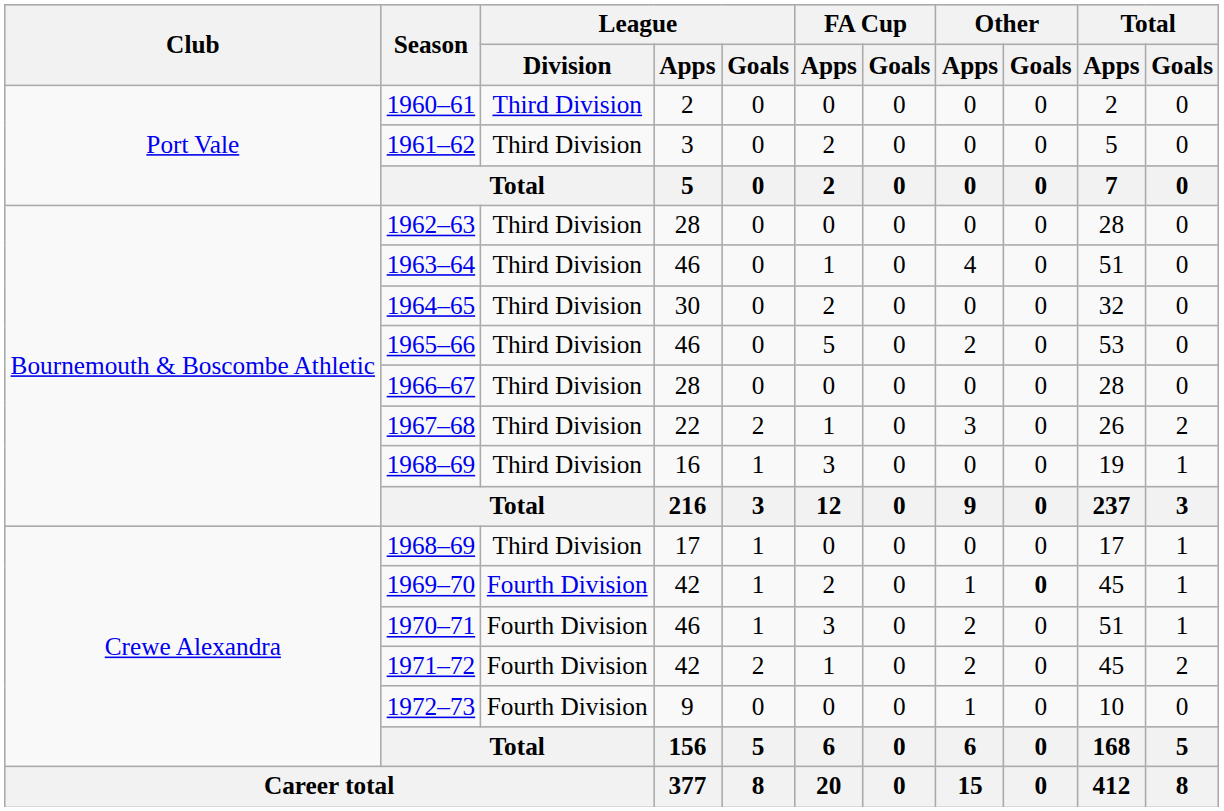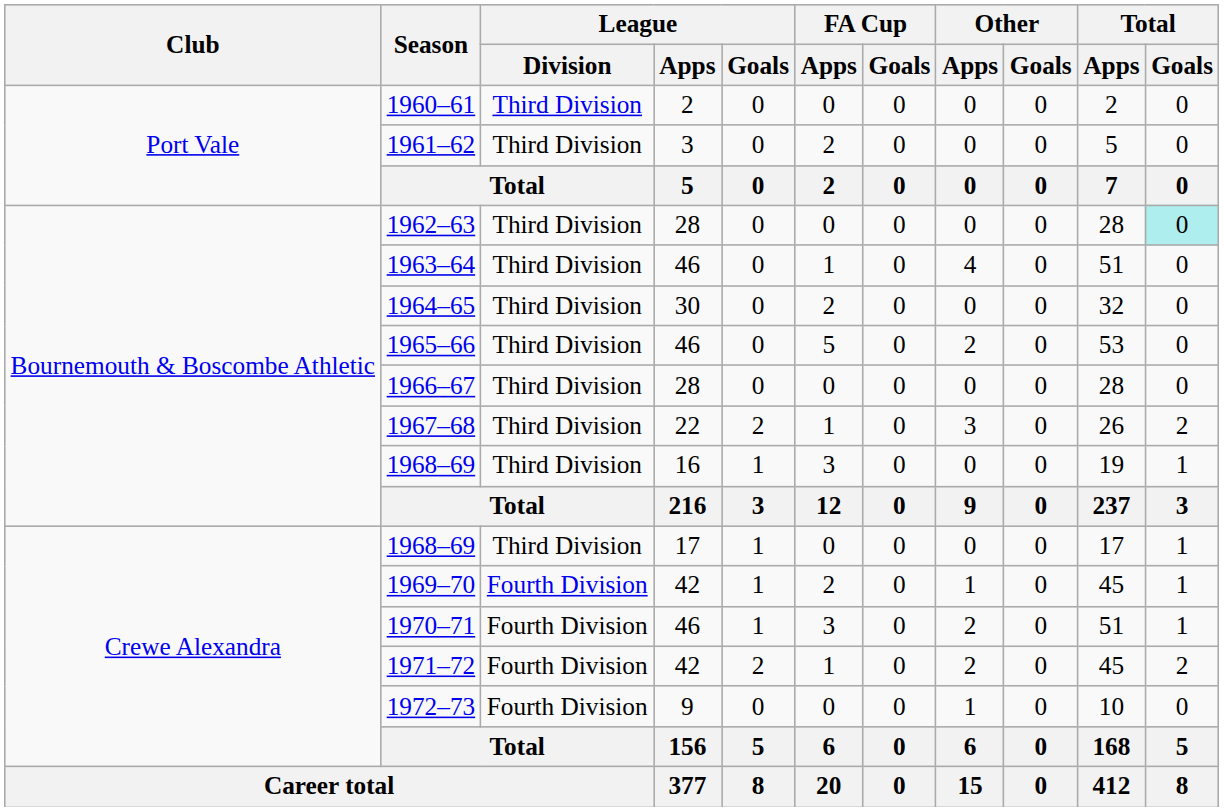 <table class="wikitable" style="text-align:center">
 <tr>
 <th rowspan="2">Club</th>
 <th rowspan="2">Season</th>
 <th colspan="3">League</th>
 <th colspan="2">FA Cup</th>
 <th colspan="2">Other</th>
 <th colspan="2">Total</th>
 </tr>
 <tr>
 <th>Division</th>
 <th>Apps</th>
 <th>Goals</th>
 <th>Apps</th>
 <th>Goals</th>
 <th>Apps</th>
 <th>Goals</th>
 <th>Apps</th>
 <th>Goals</th>
 </tr>
 <tr>
 <td rowspan="3"><a href='#'>Port Vale</a></td>
 <td><a href='#'>1960–61</a></td>
 <td><a href='#'>Third Division</a></td>
 <td>2</td>
 <td>0</td>
 <td>0</td>
 <td>0</td>
 <td>0</td>
 <td>0</td>
 <td>2</td>
 <td>0</td>
 </tr>
 <tr>
 <td><a href='#'>1961–62</a></td>
 <td>Third Division</td>
 <td>3</td>
 <td>0</td>
 <td>2</td>
 <td>0</td>
 <td>0</td>
 <td>0</td>
 <td>5</td>
 <td>0</td>
 </tr>
 <tr>
 <th colspan="2">Total</th>
 <th>5</th>
 <th>0</th>
 <th>2</th>
 <th>0</th>
 <th>0</th>
 <th>0</th>
 <th>7</th>
 <th>0</th>
 </tr>
 <tr>
 <td rowspan="8"><a href='#'>Bournemouth & Boscombe Athletic</a></td>
 <td><a href='#'>1962–63</a></td>
 <td>Third Division</td>
 <td>28</td>
 <td>0</td>
 <td>0</td>
 <td>0</td>
 <td>0</td>
 <td>0</td>
 <td>28</td>
-<td>0</td>
+<td style="background: paleturquoise;">0</td>
 </tr>
 <tr>
 <td><a href='#'>1963–64</a></td>
 <td>Third Division</td>
 <td>46</td>
 <td>0</td>
 <td>1</td>
 <td>0</td>
 <td>4</td>
 <td>0</td>
 <td>51</td>
 <td>0</td>
 </tr>
 <tr>
 <td><a href='#'>1964–65</a></td>
 <td>Third Division</td>
 <td>30</td>
 <td>0</td>
 <td>2</td>
 <td>0</td>
 <td>0</td>
 <td>0</td>
 <td>32</td>
 <td>0</td>
 </tr>
 <tr>
 <td><a href='#'>1965–66</a></td>
 <td>Third Division</td>
 <td>46</td>
 <td>0</td>
 <td>5</td>
 <td>0</td>
 <td>2</td>
 <td>0</td>
 <td>53</td>
 <td>0</td>
 </tr>
 <tr>
 <td><a href='#'>1966–67</a></td>
 <td>Third Division</td>
 <td>28</td>
 <td>0</td>
 <td>0</td>
 <td>0</td>
 <td>0</td>
 <td>0</td>
 <td>28</td>
 <td>0</td>
 </tr>
 <tr>
 <td><a href='#'>1967–68</a></td>
 <td>Third Division</td>
 <td>22</td>
 <td>2</td>
 <td>1</td>
 <td>0</td>
 <td>3</td>
 <td>0</td>
 <td>26</td>
 <td>2</td>
 </tr>
 <tr>
 <td><a href='#'>1968–69</a></td>
 <td>Third Division</td>
 <td>16</td>
 <td>1</td>
 <td>3</td>
 <td>0</td>
 <td>0</td>
 <td>0</td>
 <td>19</td>
 <td>1</td>
 </tr>
 <tr>
 <th colspan="2">Total</th>
 <th>216</th>
 <th>3</th>
 <th>12</th>
 <th>0</th>
 <th>9</th>
 <th>0</th>
 <th>237</th>
 <th>3</th>
 </tr>
 <tr>
 <td rowspan="6"><a href='#'>Crewe Alexandra</a></td>
 <td><a href='#'>1968–69</a></td>
 <td>Third Division</td>
 <td>17</td>
 <td>1</td>
 <td>0</td>
 <td>0</td>
 <td>0</td>
 <td>0</td>
 <td>17</td>
 <td>1</td>
 </tr>
 <tr>
 <td><a href='#'>1969–70</a></td>
 <td><a href='#'>Fourth Division</a></td>
 <td>42</td>
 <td>1</td>
 <td>2</td>
 <td>0</td>
 <td>1</td>
-<td><strong>0</strong></td>
+<td>0</td>
 <td>45</td>
 <td>1</td>
 </tr>
 <tr>
 <td><a href='#'>1970–71</a></td>
 <td>Fourth Division</td>
 <td>46</td>
 <td>1</td>
 <td>3</td>
 <td>0</td>
 <td>2</td>
 <td>0</td>
 <td>51</td>
 <td>1</td>
 </tr>
 <tr>
 <td><a href='#'>1971–72</a></td>
 <td>Fourth Division</td>
 <td>42</td>
 <td>2</td>
 <td>1</td>
 <td>0</td>
 <td>2</td>
 <td>0</td>
 <td>45</td>
 <td>2</td>
 </tr>
 <tr>
 <td><a href='#'>1972–73</a></td>
 <td>Fourth Division</td>
 <td>9</td>
 <td>0</td>
 <td>0</td>
 <td>0</td>
 <td>1</td>
 <td>0</td>
 <td>10</td>
 <td>0</td>
 </tr>
 <tr>
 <th colspan="2">Total</th>
 <th>156</th>
 <th>5</th>
 <th>6</th>
 <th>0</th>
 <th>6</th>
 <th>0</th>
 <th>168</th>
 <th>5</th>
 </tr>
 <tr>
 <th colspan="3">Career total</th>
 <th>377</th>
 <th>8</th>
 <th>20</th>
 <th>0</th>
 <th>15</th>
 <th>0</th>
 <th>412</th>
 <th>8</th>
 </tr>
 </table>
